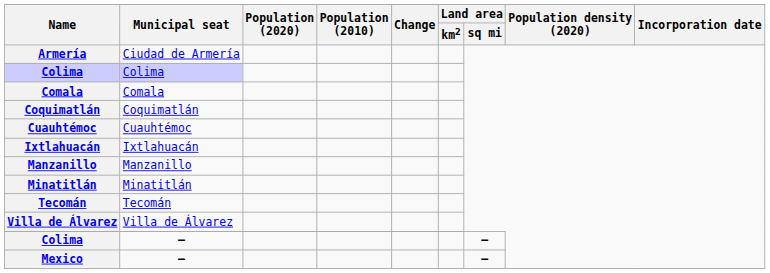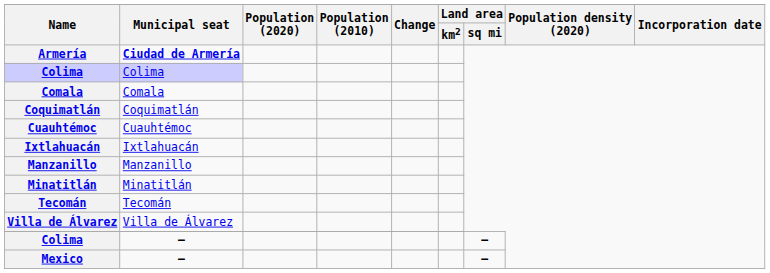 <table class="wikitable sortable" style="text-align:right;">
 <tr>
 </tr>
 <tr>
 <th scope="col"  rowspan=2>Name</th>
 <th scope="col"  rowspan=2>Municipal seat</th>
 <th scope="col"  rowspan=2>Population<br>(2020)</th>
 <th scope="col"  rowspan=2>Population<br>(2010)</th>
 <th scope="col"  rowspan=2>Change</th>
 <th scope="col" data-sort-type="number"  colspan=2>Land area </th>
 <th scope="col" data-sort-type="number"  rowspan=2>Population density<br>(2020)</th>
 <th scope="col"  rowspan=2>Incorporation date</th>
 </tr>
 <tr>
 <th scope="col">km<sup>2</sup></th>
 <th scope="col">sq mi</th>
 </tr>
 <tr>
 <th scope="row" align="left"><a href='#'>Armería</a></th>
-<td align=left><a href='#'>Ciudad de Armería</a></td>
+<td align=left><strong><a href='#'>Ciudad de Armería</a></strong></td>
 <td></td>
 <td></td>
 <td></td>
 <td></td>
 </tr>
 <tr>
 <th scope="row" align="left" style="background:#CCF;"><a href='#'>Colima</a></th>
 <td align=left style="background:#CCF;"><a href='#'>Colima</a></td>
 <td></td>
 <td></td>
 <td></td>
 <td></td>
 </tr>
 <tr>
 <th scope="row" align="left"><a href='#'>Comala</a></th>
 <td align=left><a href='#'>Comala</a></td>
 <td></td>
 <td></td>
 <td></td>
 <td></td>
 </tr>
 <tr>
 <th scope="row" align="left"><a href='#'>Coquimatlán</a></th>
 <td align=left><a href='#'>Coquimatlán</a></td>
 <td></td>
 <td></td>
 <td></td>
 <td></td>
 </tr>
 <tr>
 <th scope="row" align="left"><a href='#'>Cuauhtémoc</a></th>
 <td align=left><a href='#'>Cuauhtémoc</a></td>
 <td></td>
 <td></td>
 <td></td>
 <td></td>
 </tr>
 <tr>
 <th scope="row" align="left"><a href='#'>Ixtlahuacán</a></th>
 <td align=left><a href='#'>Ixtlahuacán</a></td>
 <td></td>
 <td></td>
 <td></td>
 <td></td>
 </tr>
 <tr>
 <th scope="row" align="left"><a href='#'>Manzanillo</a></th>
 <td align=left><a href='#'>Manzanillo</a></td>
 <td></td>
 <td></td>
 <td></td>
 <td></td>
 </tr>
 <tr>
 <th scope="row" align="left"><a href='#'>Minatitlán</a></th>
 <td align=left><a href='#'>Minatitlán</a></td>
 <td></td>
 <td></td>
 <td></td>
 <td></td>
 </tr>
 <tr>
 <th scope="row" align="left"><a href='#'>Tecomán</a></th>
 <td align=left><a href='#'>Tecomán</a></td>
 <td></td>
 <td></td>
 <td></td>
 <td></td>
 </tr>
 <tr>
 <th scope="row" align="left"><a href='#'>Villa de Álvarez</a></th>
 <td align=left><a href='#'>Villa de Álvarez</a></td>
 <td></td>
 <td></td>
 <td></td>
 <td></td>
 </tr>
 <tr>
 </tr>
 <tr class="sortbottom" style="text-align:center;" style="background: #f2f2f2;">
 <th scope="row" align="left"><strong><a href='#'>Colima</a></strong></th>
 <td><strong>—</strong></td>
 <td></td>
 <td><strong></strong></td>
 <td><strong></strong></td>
 <td align="right"><strong></strong></td>
 <td><strong>—</strong></td>
 </tr>
 <tr class="sortbottom" style="text-align:center;" style="background: #f2f2f2;">
 <th scope="row" align="left"><strong><a href='#'>Mexico</a></strong></th>
 <td><strong>—</strong></td>
 <td></td>
 <td><strong></strong></td>
 <td><strong></strong></td>
 <td align="right"><strong></strong></td>
 <td><strong>—</strong></td>
 </tr>
 </table>
